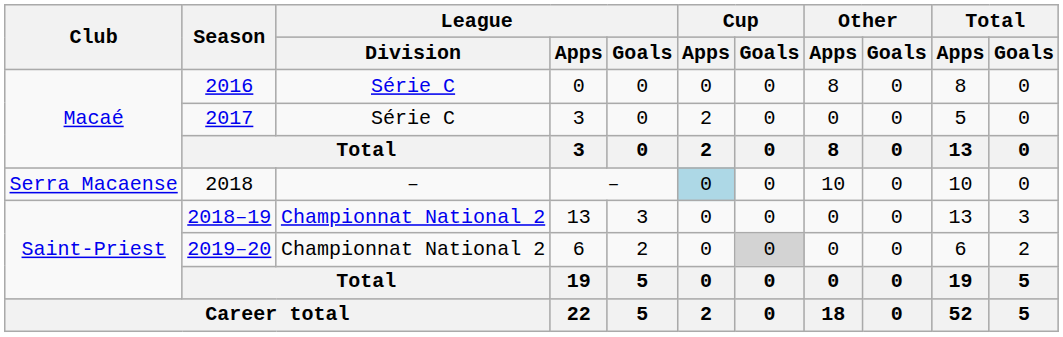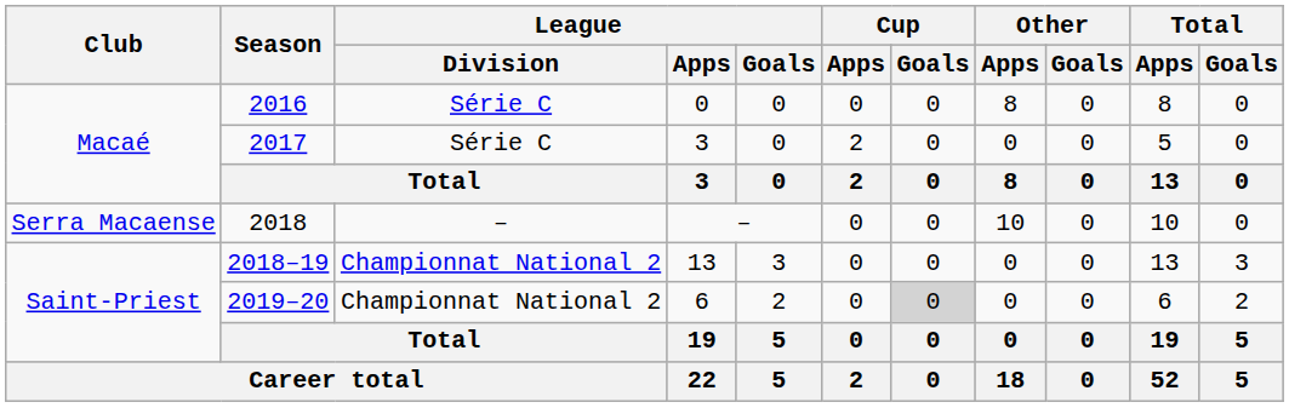 <table class="wikitable" style="text-align: center">
 <tr>
 <th rowspan="2">Club</th>
 <th rowspan="2">Season</th>
 <th colspan="3">League</th>
 <th colspan="2">Cup</th>
 <th colspan="2">Other</th>
 <th colspan="2">Total</th>
 </tr>
 <tr>
 <th>Division</th>
 <th>Apps</th>
 <th>Goals</th>
 <th>Apps</th>
 <th>Goals</th>
 <th>Apps</th>
 <th>Goals</th>
 <th>Apps</th>
 <th>Goals</th>
 </tr>
 <tr>
 <td rowspan="3"><a href='#'>Macaé</a></td>
 <td><a href='#'>2016</a></td>
 <td><a href='#'>Série C</a></td>
 <td>0</td>
 <td>0</td>
 <td>0</td>
 <td>0</td>
 <td>8</td>
 <td>0</td>
 <td>8</td>
 <td>0</td>
 </tr>
 <tr>
 <td><a href='#'>2017</a></td>
 <td>Série C</td>
 <td>3</td>
 <td>0</td>
 <td>2</td>
 <td>0</td>
 <td>0</td>
 <td>0</td>
 <td>5</td>
 <td>0</td>
 </tr>
 <tr>
 <th colspan="2">Total</th>
 <th>3</th>
 <th>0</th>
 <th>2</th>
 <th>0</th>
 <th>8</th>
 <th>0</th>
 <th>13</th>
 <th>0</th>
 </tr>
 <tr>
 <td><a href='#'>Serra Macaense</a></td>
 <td>2018</td>
 <td>–</td>
 <td colspan="2">–</td>
-<td style="background: lightblue;">0</td>
+<td>0</td>
 <td>0</td>
 <td>10</td>
 <td>0</td>
 <td>10</td>
 <td>0</td>
 </tr>
 <tr>
 <td rowspan="3"><a href='#'>Saint-Priest</a></td>
 <td><a href='#'>2018–19</a></td>
 <td><a href='#'>Championnat National 2</a></td>
 <td>13</td>
 <td>3</td>
 <td>0</td>
 <td>0</td>
 <td>0</td>
 <td>0</td>
 <td>13</td>
 <td>3</td>
 </tr>
 <tr>
 <td><a href='#'>2019–20</a></td>
 <td>Championnat National 2</td>
 <td>6</td>
 <td>2</td>
 <td>0</td>
 <td style="background: lightgrey;">0</td>
 <td>0</td>
 <td>0</td>
 <td>6</td>
 <td>2</td>
 </tr>
 <tr>
 <th colspan="2">Total</th>
 <th>19</th>
 <th>5</th>
 <th>0</th>
 <th>0</th>
 <th>0</th>
 <th>0</th>
 <th>19</th>
 <th>5</th>
 </tr>
 <tr>
 <th colspan="3">Career total</th>
 <th>22</th>
 <th>5</th>
 <th>2</th>
 <th>0</th>
 <th>18</th>
 <th>0</th>
 <th>52</th>
 <th>5</th>
 </tr>
 </table>
